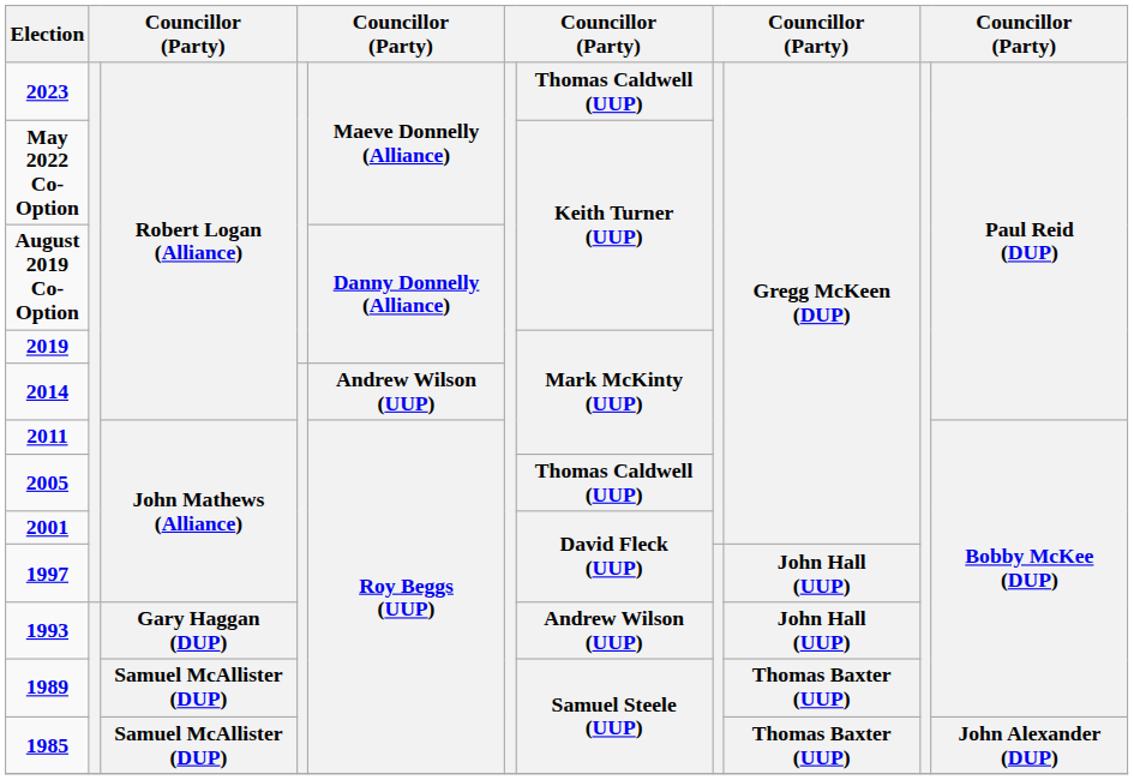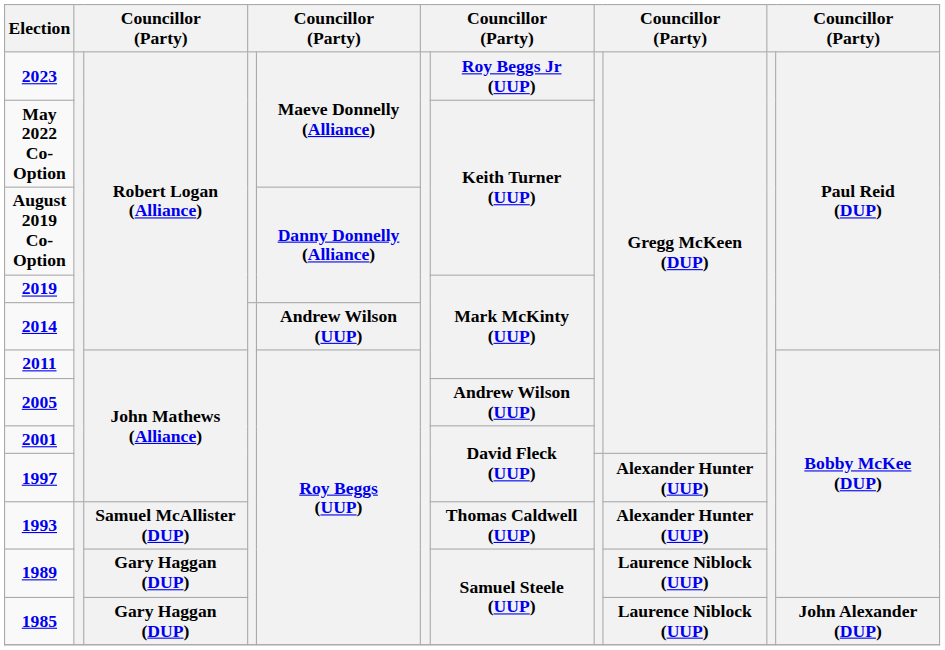 <table class="wikitable" style="text-align:center">
 <tr>
 <th scope="col" width="50">Election</th>
 <th scope="col" width="150" colspan = "2">Councillor<br> (Party)</th>
 <th scope="col" width="150" colspan = "2">Councillor<br> (Party)</th>
 <th scope="col" width="150" colspan = "2">Councillor<br> (Party)</th>
 <th scope="col" width="150" colspan = "2">Councillor<br> (Party)</th>
 <th scope="col" width="150" colspan = "2">Councillor<br> (Party)</th>
 </tr>
 <tr>
 <td><strong><a href='#'>2023</a></strong></td>
 <th rowspan="9" width="1" style="background-color: "></th>
 <th rowspan = "5">Robert Logan <br> (<a href='#'>Alliance</a>)</th>
 <th rowspan="4" width="1" style="background-color: "></th>
 <th rowspan = "2">Maeve Donnelly <br> (<a href='#'>Alliance</a>)</th>
 <th rowspan="12" width="1" style="background-color: "></th>
-<th rowspan = "1">Thomas Caldwell <br> (<a href='#'>UUP</a>)</th>
+<th rowspan = "1"><a href='#'>Roy Beggs Jr</a> <br> (<a href='#'>UUP</a>)</th>
 <th rowspan="8" width="1" style="background-color: "></th>
 <th rowspan = "8">Gregg McKeen <br> (<a href='#'>DUP</a>)</th>
 <th rowspan="12" width="1" style="background-color: "></th>
 <th rowspan = "5">Paul Reid <br> (<a href='#'>DUP</a>)</th>
 </tr>
 <tr>
 <td><strong>May 2022 Co-Option</strong></td>
 <th rowspan = "2">Keith Turner <br> (<a href='#'>UUP</a>)</th>
 </tr>
 <tr>
 <td><strong>August 2019 Co-Option</strong></td>
 <th rowspan = "2"><a href='#'>Danny Donnelly</a> <br> (<a href='#'>Alliance</a>)</th>
 </tr>
 <tr>
 <td><strong><a href='#'>2019</a></strong></td>
 <th rowspan = "3">Mark McKinty <br> (<a href='#'>UUP</a>)</th>
 </tr>
 <tr>
 <td><strong><a href='#'>2014</a></strong></td>
 <th rowspan="8" width="1" style="background-color: "></th>
 <th rowspan = "1">Andrew Wilson <br> (<a href='#'>UUP</a>)</th>
 </tr>
 <tr>
 <td><strong><a href='#'>2011</a></strong></td>
 <th rowspan = "4">John Mathews <br> (<a href='#'>Alliance</a>)</th>
 <th rowspan = "7"><a href='#'>Roy Beggs</a> <br> (<a href='#'>UUP</a>)</th>
 <th rowspan = "6"><a href='#'>Bobby McKee</a> <br> (<a href='#'>DUP</a>)</th>
 </tr>
 <tr>
 <td><strong><a href='#'>2005</a></strong></td>
-<th rowspan = "1">Thomas Caldwell <br> (<a href='#'>UUP</a>)</th>
+<th rowspan = "1">Andrew Wilson <br> (<a href='#'>UUP</a>)</th>
 </tr>
 <tr>
 <td><strong><a href='#'>2001</a></strong></td>
 <th rowspan = "2">David Fleck <br> (<a href='#'>UUP</a>)</th>
 </tr>
 <tr>
 <td><strong><a href='#'>1997</a></strong></td>
 <th rowspan="4" width="1" style="background-color: "></th>
-<th rowspan = "1">John Hall <br> (<a href='#'>UUP</a>)</th>
+<th rowspan = "1">Alexander Hunter <br> (<a href='#'>UUP</a>)</th>
 </tr>
 <tr>
 <td><strong><a href='#'>1993</a></strong></td>
 <th rowspan="3" width="1" style="background-color: "></th>
-<th rowspan = "1">Gary Haggan <br> (<a href='#'>DUP</a>)</th>
-<th rowspan = "1">Andrew Wilson <br> (<a href='#'>UUP</a>)</th>
-<th rowspan = "1">John Hall <br> (<a href='#'>UUP</a>)</th>
+<th rowspan = "1">Samuel McAllister <br> (<a href='#'>DUP</a>)</th>
+<th rowspan = "1">Thomas Caldwell <br> (<a href='#'>UUP</a>)</th>
+<th rowspan = "1">Alexander Hunter <br> (<a href='#'>UUP</a>)</th>
 </tr>
 <tr>
 <td><strong><a href='#'>1989</a></strong></td>
-<th rowspan = "1">Samuel McAllister <br> (<a href='#'>DUP</a>)</th>
+<th rowspan = "1">Gary Haggan <br> (<a href='#'>DUP</a>)</th>
 <th rowspan = "2">Samuel Steele <br> (<a href='#'>UUP</a>)</th>
-<th rowspan = "1">Thomas Baxter <br> (<a href='#'>UUP</a>)</th>
+<th rowspan = "1">Laurence Niblock <br> (<a href='#'>UUP</a>)</th>
 </tr>
 <tr>
 <td><strong><a href='#'>1985</a></strong></td>
-<th rowspan = "1">Samuel McAllister <br> (<a href='#'>DUP</a>)</th>
-<th rowspan = "1">Thomas Baxter <br> (<a href='#'>UUP</a>)</th>
+<th rowspan = "1">Gary Haggan <br> (<a href='#'>DUP</a>)</th>
+<th rowspan = "1">Laurence Niblock <br> (<a href='#'>UUP</a>)</th>
 <th rowspan = "1">John Alexander <br> (<a href='#'>DUP</a>)</th>
 </tr>
 <tr>
 </tr>
 </table>
